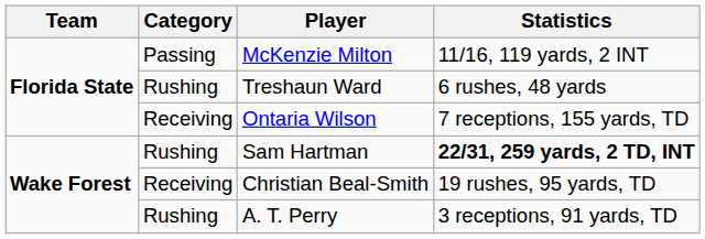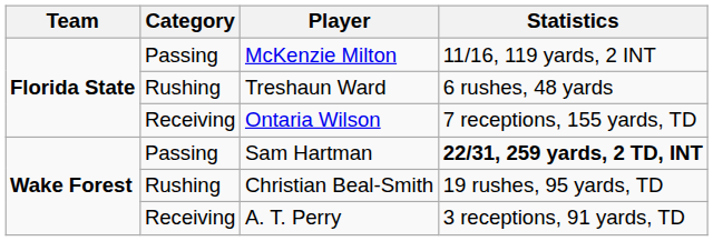 <table class="wikitable" style="float: right;">
 <tr>
 <th>Team</th>
 <th>Category</th>
 <th>Player</th>
 <th>Statistics</th>
 </tr>
 <tr>
 <td rowspan=3><strong>Florida State</strong></td>
 <td>Passing</td>
 <td><a href='#'>McKenzie Milton</a></td>
 <td>11/16, 119 yards, 2 INT</td>
 </tr>
 <tr>
 <td>Rushing</td>
 <td>Treshaun Ward</td>
 <td>6 rushes, 48 yards</td>
 </tr>
 <tr>
 <td>Receiving</td>
 <td><a href='#'>Ontaria Wilson</a></td>
 <td>7 receptions, 155 yards, TD</td>
 </tr>
 <tr>
 <td rowspan=3><strong>Wake Forest</strong></td>
-<td>Rushing</td>
+<td>Passing</td>
 <td>Sam Hartman</td>
 <td><strong>22/31, 259 yards, 2 TD, INT</strong></td>
 </tr>
 <tr>
-<td>Receiving</td>
+<td>Rushing</td>
 <td>Christian Beal-Smith</td>
 <td>19 rushes, 95 yards, TD</td>
 </tr>
 <tr>
-<td>Rushing</td>
+<td>Receiving</td>
 <td>A. T. Perry</td>
 <td>3 receptions, 91 yards, TD</td>
 </tr>
 </table>
